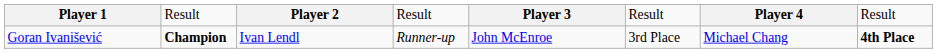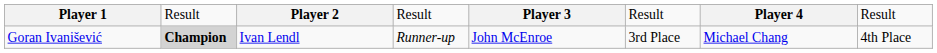 <table class="wikitable">
 <tr>
 <th width=175>Player 1</th>
 <td width=80>Result</td>
 <th width=175>Player 2</th>
 <td width=80>Result</td>
 <th width=175>Player 3</th>
 <td width=80>Result</td>
 <th width=175>Player 4</th>
 <td width=80>Result</td>
 </tr>
 <tr>
 <td> <a href='#'>Goran Ivanišević</a></td>
-<td><strong>Champion</strong></td>
+<td style="background: lightgrey;"><strong>Champion</strong></td>
 <td> <a href='#'>Ivan Lendl</a></td>
 <td><em>Runner-up</em></td>
 <td> <a href='#'>John McEnroe</a></td>
 <td>3rd Place</td>
 <td> <a href='#'>Michael Chang</a></td>
-<td><strong>4th Place</strong></td>
+<td>4th Place</td>
 </tr>
 </table>
